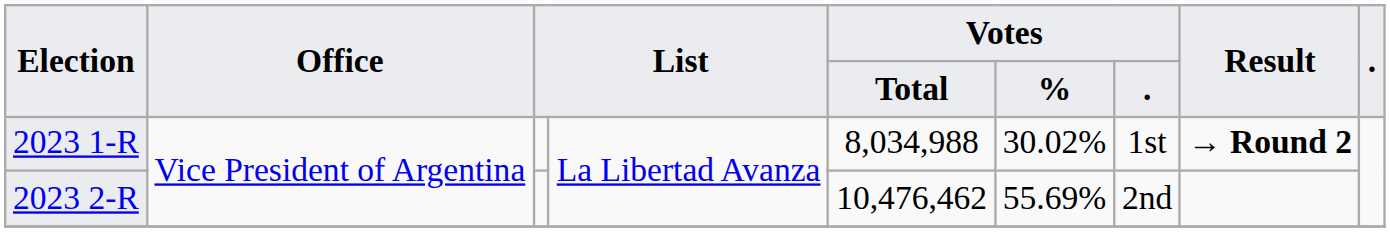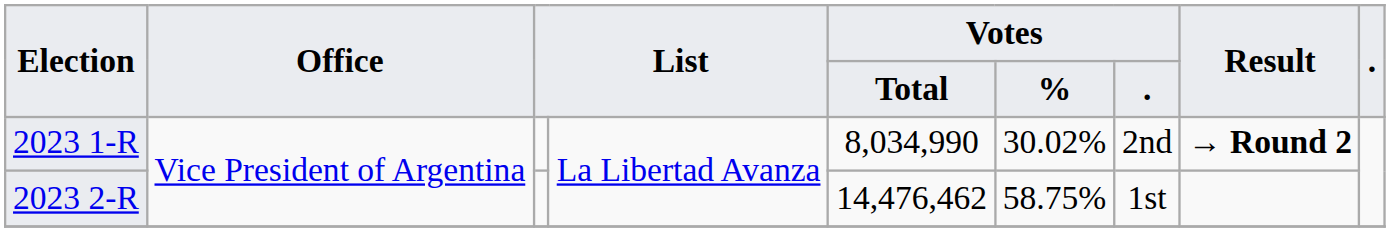 <table class="wikitable" style="font-size:90%; text-align:center;">
 <tr>
 <th style="background-color:#EAECF0;" rowspan=2>Election</th>
 <th style="background-color:#EAECF0;" rowspan=2>Office</th>
 <th style="background-color:#EAECF0;" colspan=2 rowspan=2>List</th>
 <th style="background-color:#EAECF0;" colspan=3>Votes</th>
 <th style="background-color:#EAECF0;" rowspan=2>Result</th>
 <th style="background-color:#EAECF0;" rowspan=2>.</th>
 </tr>
 <tr>
 <th style="background-color:#EAECF0;">Total</th>
 <th style="background-color:#EAECF0;">%</th>
 <th style="background-color:#EAECF0;">.</th>
 </tr>
 <tr>
 <td style="background-color:#EAECF0;"><a href='#'>2023 1-R</a></td>
 <td rowspan="2"><a href='#'>Vice President of Argentina</a></td>
 <td style="background-color:"></td>
 <td rowspan="2"><a href='#'>La Libertad Avanza</a></td>
-<td>8,034,988</td>
+<td>8,034,990</td>
 <td>30.02%</td>
-<td>1st</td>
+<td>2nd</td>
 <td><strong>→ Round 2</strong></td>
 <td rowspan="2"></td>
 </tr>
 <tr>
 <td style="background-color:#EAECF0;"><a href='#'>2023 2-R</a></td>
 <td style="background-color:"></td>
-<td>10,476,462</td>
-<td>55.69%</td>
-<td>2nd</td>
+<td>14,476,462</td>
+<td>58.75%</td>
+<td>1st</td>
 <td></td>
 </tr>
 <tr>
 </tr>
 </table>
